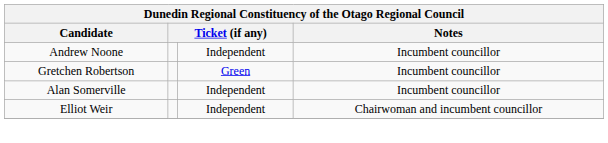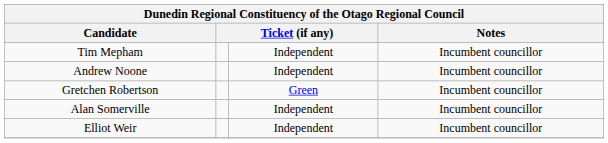 <table class="wikitable" style="text-align: center; width:50em">
 <tr>
 <th colspan="4">Dunedin Regional Constituency of the Otago Regional Council</th>
 </tr>
 <tr>
 <th>Candidate</th>
 <th colspan="2"><a href='#'>Ticket</a> (if any)</th>
 <th>Notes</th>
+</tr>
+<tr>
+<td>Tim Mepham</td>
+<td></td>
+<td>Independent</td>
+<td>Incumbent councillor</td>
 </tr>
 <tr>
 <td>Andrew Noone</td>
 <td></td>
 <td>Independent</td>
 <td>Incumbent councillor</td>
 </tr>
 <tr>
 <td>Gretchen Robertson</td>
 <td></td>
 <td><a href='#'>Green</a></td>
 <td>Incumbent councillor</td>
 </tr>
 <tr>
 <td>Alan Somerville</td>
 <td style="background-color:"></td>
 <td>Independent</td>
 <td>Incumbent councillor</td>
 </tr>
 <tr>
 <td>Elliot Weir</td>
 <td></td>
 <td>Independent</td>
-<td>Chairwoman and incumbent councillor</td>
+<td>Incumbent councillor</td>
 </tr>
 <tr>
 </tr>
 </table>
